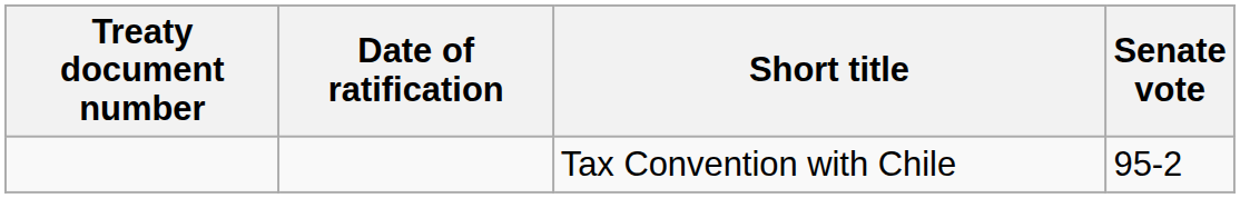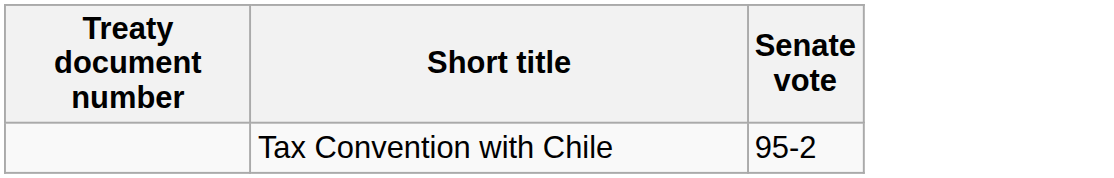 <table class="wikitable">
 <tr>
 <th style="width: 120px">Treaty document number</th>
-<th style="width: 120px">Date of ratification</th>
 <th style="width: 250px; valign: bottom">Short title</th>
 <th style="width: 50px">Senate vote</th>
 </tr>
 <tr>
 <td></td>
-<td></td>
 <td>Tax Convention with Chile</td>
 <td>95-2</td>
 </tr>
 </table>
